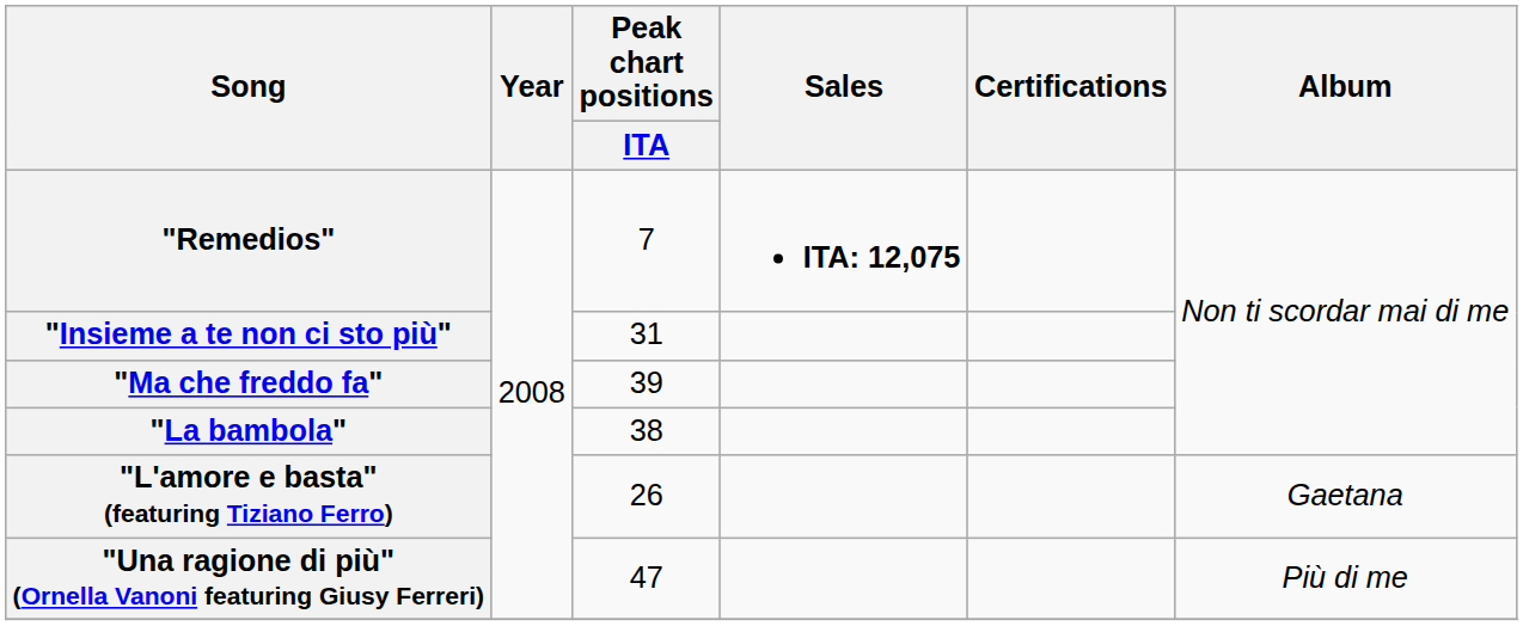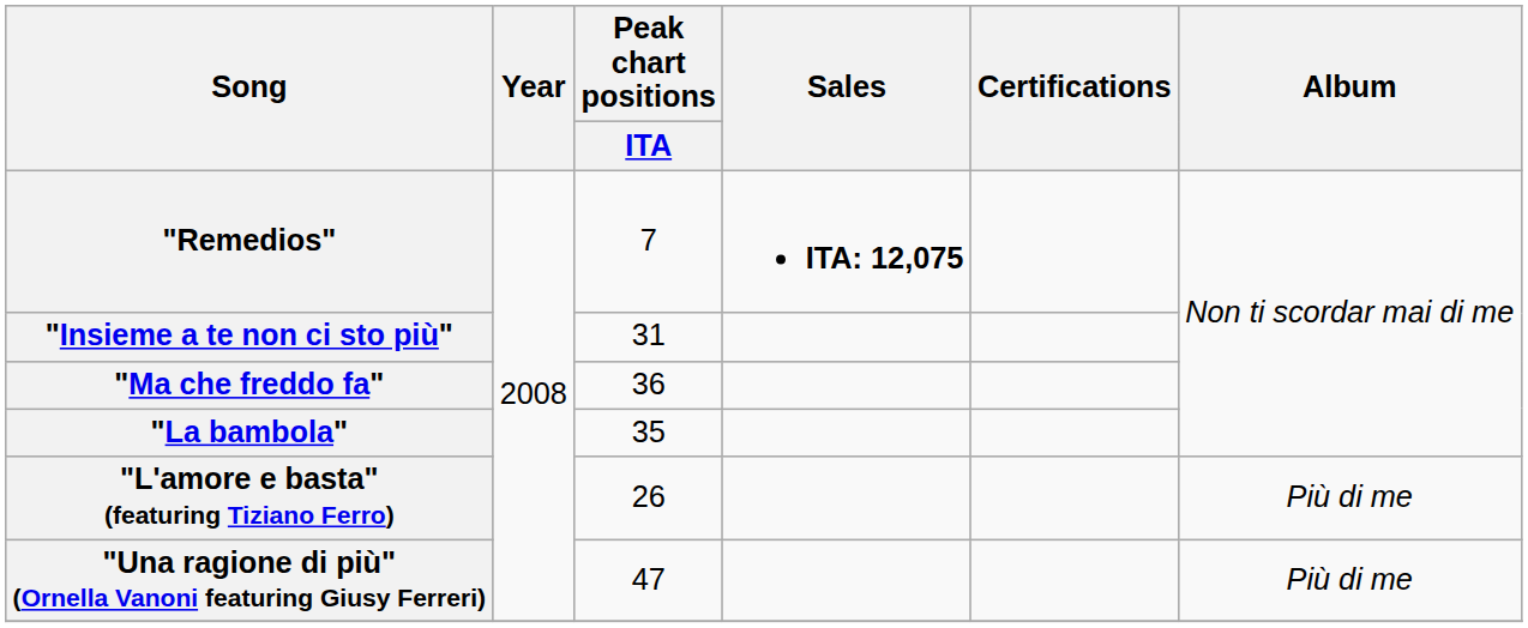 <table class="wikitable plainrowheaders" style="text-align:center;" border="1" style="text-align:center;">
 <tr>
 <th rowspan="2">Song</th>
 <th rowspan="2">Year</th>
 <th colspan="1">Peak chart<br>positions</th>
 <th rowspan="2">Sales</th>
 <th rowspan="2">Certifications</th>
 <th rowspan="2">Album</th>
 </tr>
 <tr>
 <th scope="col" style="width:3em;font-:90%;"><a href='#'>ITA</a><br></th>
 </tr>
 <tr>
 <th scope="row">"Remedios"</th>
 <td rowspan="6">2008</td>
 <td>7</td>
 <td><strong><br><ul><li>ITA: 12,075</li></ul></strong></td>
 <td></td>
 <td rowspan="4"><em>Non ti scordar mai di me</em></td>
 </tr>
 <tr>
 <th scope="row">"<a href='#'>Insieme a te non ci sto più</a>"</th>
 <td>31</td>
 <td></td>
 <td></td>
 </tr>
 <tr>
 <th scope="row">"<a href='#'>Ma che freddo fa</a>"</th>
-<td>39</td>
+<td>36</td>
 <td></td>
 <td></td>
 </tr>
 <tr>
 <th scope="row">"<a href='#'>La bambola</a>"</th>
-<td>38</td>
+<td>35</td>
 <td></td>
 <td></td>
 </tr>
 <tr>
 <th scope="row">"L'amore e basta"<br><small>(featuring <a href='#'>Tiziano Ferro</a>)</small></th>
 <td>26</td>
 <td></td>
 <td></td>
-<td><em>Gaetana</em></td>
+<td><em>Più di me</em></td>
 </tr>
 <tr>
 <th scope="row">"Una ragione di più"<br><small>(<a href='#'>Ornella Vanoni</a> featuring Giusy Ferreri)</small></th>
 <td>47</td>
 <td></td>
 <td></td>
 <td><em>Più di me</em></td>
 </tr>
 <tr>
 </tr>
 </table>
